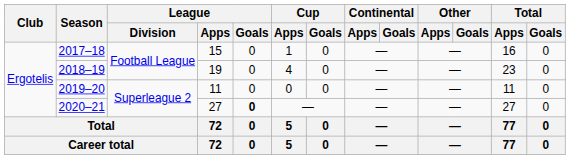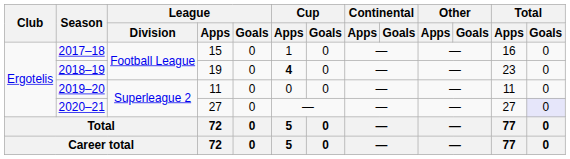 <table class="wikitable" style="text-align: center;">
 <tr>
 <th rowspan="2">Club</th>
 <th rowspan="2">Season</th>
 <th colspan="3">League</th>
 <th colspan="2">Cup</th>
 <th colspan="2">Continental</th>
 <th colspan="2">Other</th>
 <th colspan="2">Total</th>
 </tr>
 <tr>
 <th>Division</th>
 <th>Apps</th>
 <th>Goals</th>
 <th>Apps</th>
 <th>Goals</th>
 <th>Apps</th>
 <th>Goals</th>
 <th>Apps</th>
 <th>Goals</th>
 <th>Apps</th>
 <th>Goals</th>
 </tr>
 <tr>
 <td rowspan="4"><a href='#'>Ergotelis</a></td>
 <td><a href='#'>2017–18</a></td>
 <td rowspan="2"><a href='#'>Football League</a></td>
 <td>15</td>
 <td>0</td>
 <td>1</td>
 <td>0</td>
 <td colspan=2>—</td>
 <td colspan=2>—</td>
 <td>16</td>
 <td>0</td>
 </tr>
 <tr>
 <td><a href='#'>2018–19</a></td>
 <td>19</td>
 <td>0</td>
-<td>4</td>
+<td><strong>4</strong></td>
 <td>0</td>
 <td colspan=2>—</td>
 <td colspan=2>—</td>
 <td>23</td>
 <td>0</td>
 </tr>
 <tr>
 <td><a href='#'>2019–20</a></td>
 <td rowspan="2"><a href='#'>Superleague 2</a></td>
 <td>11</td>
 <td>0</td>
 <td>0</td>
 <td>0</td>
 <td colspan=2>—</td>
 <td colspan=2>—</td>
 <td>11</td>
 <td>0</td>
 </tr>
 <tr>
 <td><a href='#'>2020–21</a></td>
 <td>27</td>
-<td><strong>0</strong></td>
+<td>0</td>
 <td colspan=2>—</td>
 <td colspan=2>—</td>
 <td colspan=2>—</td>
 <td>27</td>
-<td>0</td>
+<td style="background: lavender;">0</td>
 </tr>
 <tr>
 <th colspan="3">Total</th>
 <th>72</th>
 <th>0</th>
 <th>5</th>
 <th>0</th>
 <th colspan=2>—</th>
 <th colspan=2>—</th>
 <th>77</th>
 <th>0</th>
 </tr>
 <tr>
 <th colspan="3">Career total</th>
 <th>72</th>
 <th>0</th>
 <th>5</th>
 <th>0</th>
 <th colspan=2>—</th>
 <th colspan=2>—</th>
 <th>77</th>
 <th>0</th>
 </tr>
 </table>
